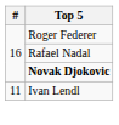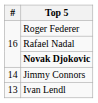 <table class="wikitable" style="display:inline-table;">
 <tr>
 <th width=20>#</th>
 <th>Top 5</th>
 </tr>
 <tr>
 <td rowspan="3" style="text-align:center;">16</td>
 <td> Roger Federer</td>
 </tr>
 <tr>
 <td> Rafael Nadal</td>
 </tr>
 <tr>
 <td> <strong>Novak Djokovic</strong></td>
 </tr>
 <tr>
-<td style="text-align:center;">11</td>
+<td style="text-align:center;">14</td>
+<td> Jimmy Connors</td>
+</tr>
+<tr>
+<td style="text-align:center;">13</td>
 <td> Ivan Lendl</td>
 </tr>
 </table>
